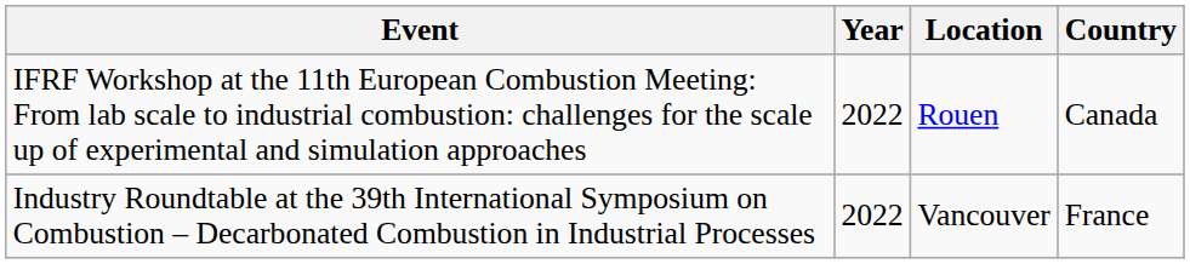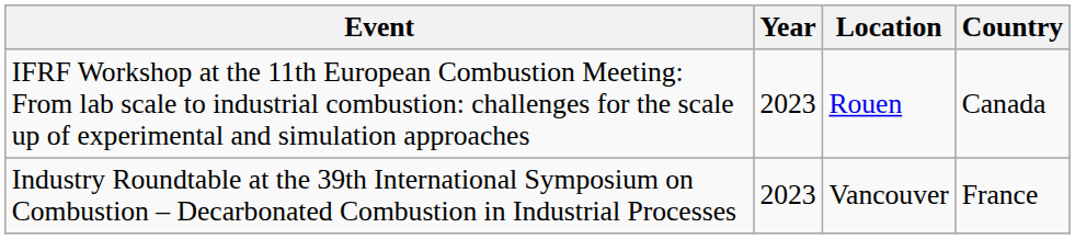 <table class="wikitable">
 <tr>
 <th>Event</th>
 <th>Year</th>
 <th>Location</th>
 <th>Country</th>
 </tr>
 <tr>
 <td>IFRF Workshop at the 11th European Combustion Meeting: From lab scale to industrial combustion: challenges for the scale up of experimental and simulation approaches</td>
-<td>2022</td>
+<td>2023</td>
 <td><a href='#'>Rouen</a></td>
 <td>Canada</td>
 </tr>
 <tr>
 <td>Industry Roundtable at the 39th International Symposium on Combustion – Decarbonated Combustion in Industrial Processes</td>
-<td>2022</td>
+<td>2023</td>
 <td>Vancouver</td>
 <td>France</td>
 </tr>
 </table>
